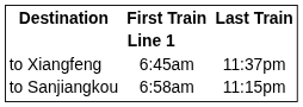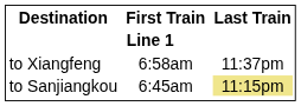 <table style="text-align:centre; font-size:95%; border:1px solid black">
 <tr>
 <th>Destination</th>
 <th></th>
 <th>First Train</th>
 <th></th>
 <th>Last Train</th>
 </tr>
 <tr>
 <th colspan="7" style="background-color:#">Line 1</th>
 </tr>
 <tr>
 <td>to Xiangfeng</td>
 <td></td>
-<td style="text-align:center">6:45am</td>
+<td style="text-align:center">6:58am</td>
 <td></td>
 <td style="text-align:center">11:37pm</td>
 </tr>
 <tr>
 <td>to Sanjiangkou</td>
 <td></td>
-<td style="text-align:center">6:58am</td>
+<td style="text-align:center">6:45am</td>
 <td></td>
-<td style="text-align:center">11:15pm</td>
+<td style="background: khaki; text-align:center">11:15pm</td>
 </tr>
 <tr>
 </tr>
 </table>
